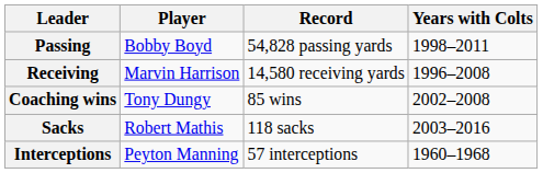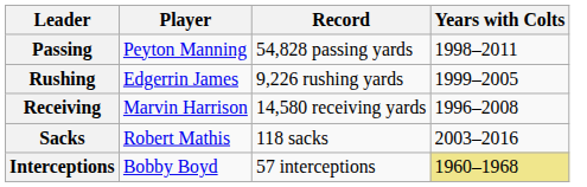 <table class="wikitable plainrowheaders">
 <tr>
 <th scope="col">Leader</th>
 <th scope="col">Player</th>
 <th scope="col">Record</th>
 <th scope="col">Years with Colts</th>
 </tr>
 <tr>
 <th scope="row">Passing</th>
-<td><a href='#'>Bobby Boyd</a></td>
+<td><a href='#'>Peyton Manning</a></td>
 <td>54,828 passing yards</td>
 <td>1998–2011</td>
+</tr>
+<tr>
+<th scope="row">Rushing</th>
+<td><a href='#'>Edgerrin James</a></td>
+<td>9,226 rushing yards</td>
+<td>1999–2005</td>
 </tr>
 <tr>
 <th scope="row">Receiving</th>
 <td><a href='#'>Marvin Harrison</a></td>
 <td>14,580 receiving yards</td>
 <td>1996–2008</td>
-</tr>
-<tr>
-<th scope="row">Coaching wins</th>
-<td><a href='#'>Tony Dungy</a></td>
-<td>85 wins</td>
-<td>2002–2008</td>
 </tr>
 <tr>
 <th scope="row">Sacks</th>
 <td><a href='#'>Robert Mathis</a></td>
 <td>118 sacks</td>
 <td>2003–2016</td>
 </tr>
 <tr>
 <th scope="row">Interceptions</th>
-<td><a href='#'>Peyton Manning</a></td>
+<td><a href='#'>Bobby Boyd</a></td>
 <td>57 interceptions</td>
-<td>1960–1968</td>
+<td style="background: khaki;">1960–1968</td>
 </tr>
 </table>
